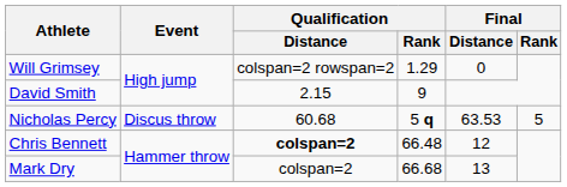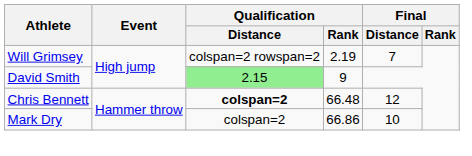 <table class="wikitable" style="font-size:90%; text-align:center">
 <tr>
 <th rowspan=2>Athlete</th>
 <th rowspan=2>Event</th>
 <th colspan=2>Qualification</th>
 <th colspan=2>Final</th>
 </tr>
 <tr style="font-size:95%">
 <th>Distance</th>
 <th>Rank</th>
 <th>Distance</th>
 <th>Rank</th>
 </tr>
 <tr>
 <td align=left><a href='#'>Will Grimsey</a></td>
 <td align=left rowspan=2><a href='#'>High jump</a></td>
 <td>colspan=2 rowspan=2  </td>
-<td>1.29</td>
-<td>0</td>
+<td>2.19</td>
+<td>7</td>
 </tr>
 <tr>
 <td align=left><a href='#'>David Smith</a></td>
-<td>2.15</td>
+<td style="background: lightgreen;">2.15</td>
 <td>9</td>
-</tr>
-<tr>
-<td align=left><a href='#'>Nicholas Percy</a></td>
-<td align=left><a href='#'>Discus throw</a></td>
-<td>60.68</td>
-<td>5 <strong>q</strong></td>
-<td>63.53</td>
-<td>5</td>
 </tr>
 <tr>
 <td align=left><a href='#'>Chris Bennett</a></td>
 <td align=left rowspan=2><a href='#'>Hammer throw</a></td>
 <td><strong>colspan=2 </strong></td>
 <td>66.48</td>
 <td>12</td>
 </tr>
 <tr>
 <td align=left><a href='#'>Mark Dry</a></td>
 <td>colspan=2 </td>
-<td>66.68</td>
-<td>13</td>
+<td>66.86</td>
+<td>10</td>
 </tr>
 </table>
